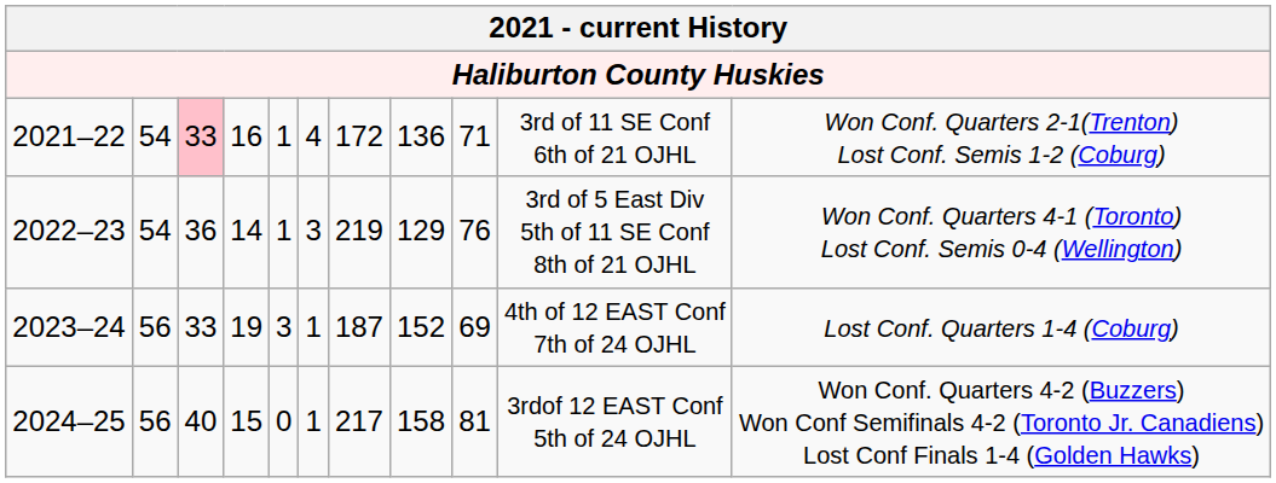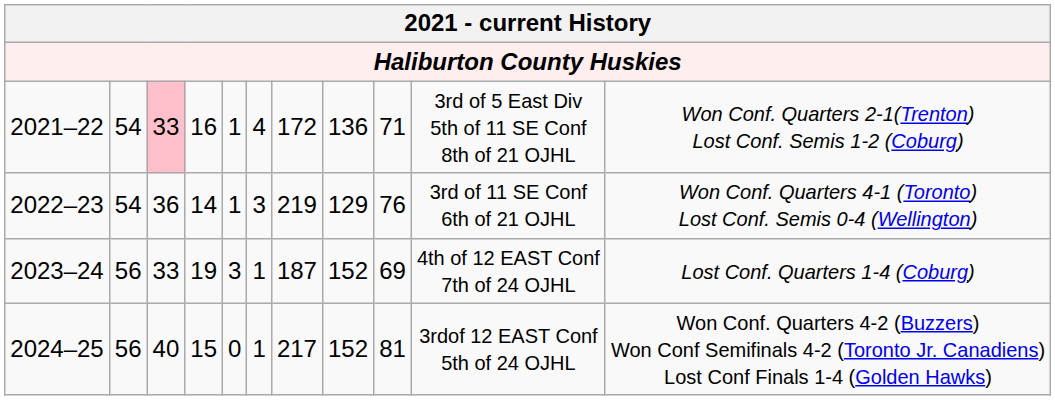 <table class="wikitable " style="text-align:center;">
 <tr>
 <th colspan=12 bgcolor="#822433" text_color=white><strong>2021 - current History</strong></th>
 </tr>
 <tr style="text-align:center; background:#fee;">
 <td colspan="11"><strong><em>Haliburton County Huskies</em></strong></td>
 </tr>
 <tr align="center">
 <td>2021–22</td>
 <td>54</td>
 <td style="background: pink;">33</td>
 <td>16</td>
 <td>1</td>
 <td>4</td>
 <td>172</td>
 <td>136</td>
 <td>71</td>
-<td><small>3rd of 11 SE Conf<br>6th of 21 OJHL</small></td>
+<td><small>3rd of 5 East Div<br>5th of 11 SE Conf<br>8th of 21 OJHL</small></td>
 <td><small><em>Won Conf. Quarters 2-1(<a href='#'>Trenton</a>)<br>Lost Conf. Semis 1-2 (<a href='#'>Coburg</a>)<br></em></small></td>
 </tr>
 <tr align="center">
 <td>2022–23</td>
 <td>54</td>
 <td>36</td>
 <td>14</td>
 <td>1</td>
 <td>3</td>
 <td>219</td>
 <td>129</td>
 <td>76</td>
-<td><small>3rd of 5 East Div<br>5th of 11 SE Conf<br>8th of 21 OJHL</small></td>
+<td><small>3rd of 11 SE Conf<br>6th of 21 OJHL</small></td>
 <td><small><em>Won Conf. Quarters 4-1 (<a href='#'>Toronto</a>)<br>Lost Conf. Semis 0-4 (<a href='#'>Wellington</a>)<br></em></small></td>
 </tr>
 <tr align="center">
 <td>2023–24</td>
 <td>56</td>
 <td>33</td>
 <td>19</td>
 <td>3</td>
 <td>1</td>
 <td>187</td>
 <td>152</td>
 <td>69</td>
 <td><small>4th of 12 EAST Conf<br>7th of 24 OJHL</small></td>
 <td><small><em>Lost Conf. Quarters 1-4 (<a href='#'>Coburg</a>)</em></small></td>
 </tr>
 <tr align="center">
 <td>2024–25</td>
 <td>56</td>
 <td>40</td>
 <td>15</td>
 <td>0</td>
 <td>1</td>
 <td>217</td>
-<td>158</td>
+<td>152</td>
 <td>81</td>
 <td><small>3rdof 12 EAST Conf<br>5th of 24 OJHL</small></td>
 <td><small>Won Conf. Quarters 4-2 (<a href='#'>Buzzers</a>)<br>Won Conf Semifinals 4-2 (<a href='#'>Toronto Jr. Canadiens</a>)<br>Lost Conf Finals 1-4 (<a href='#'>Golden Hawks</a>)</small></td>
 </tr>
 </table>
